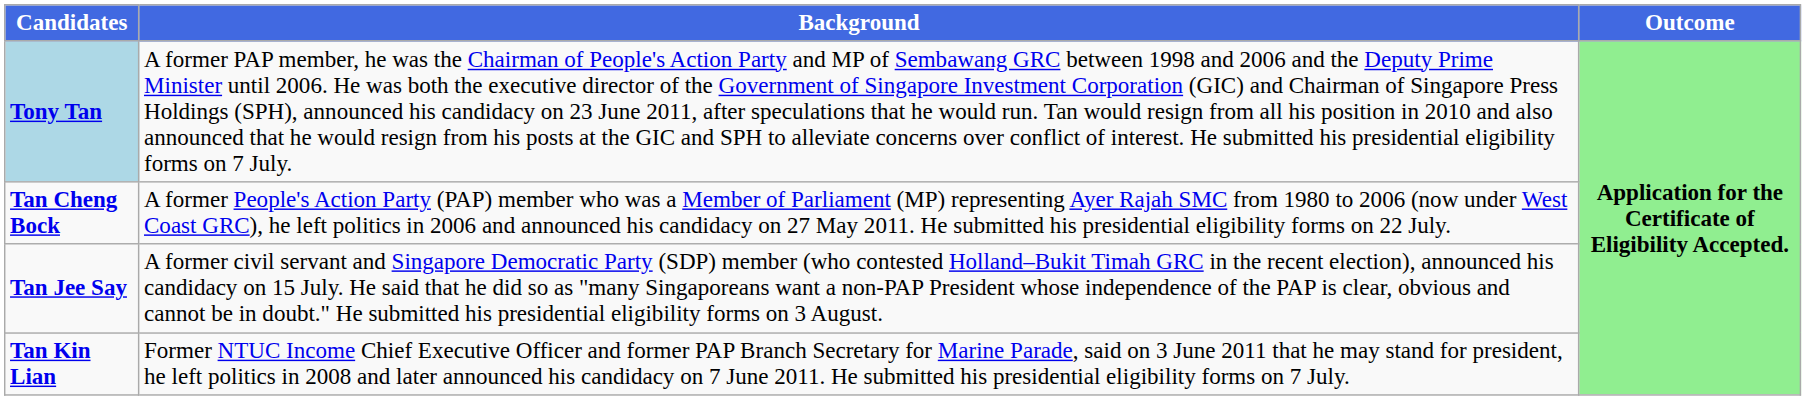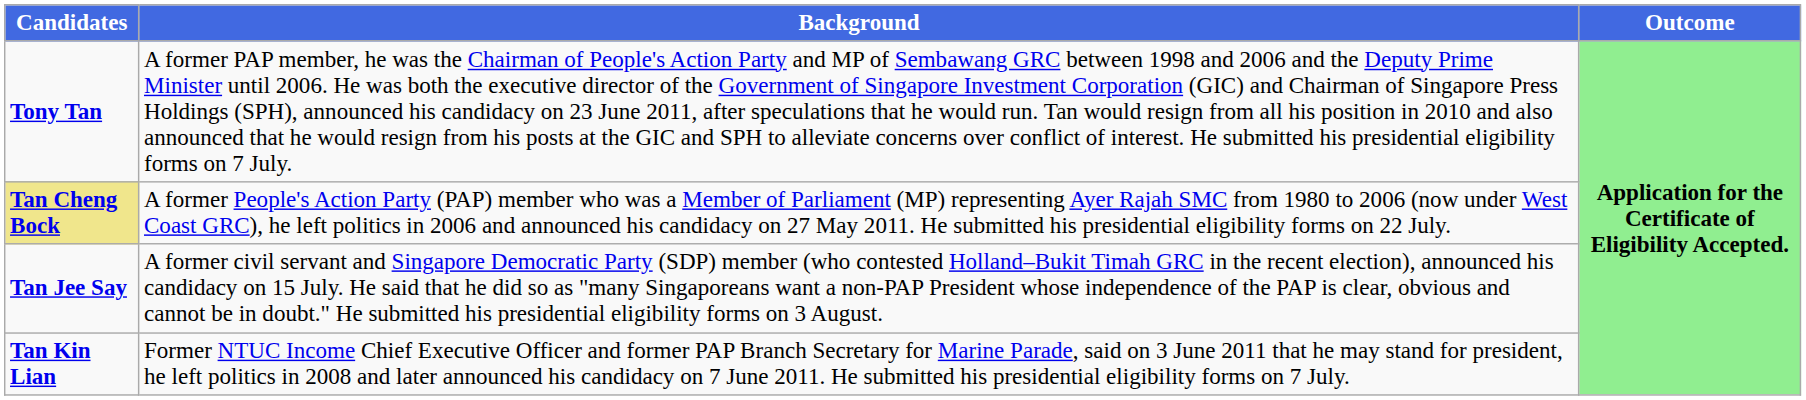 <table class="wikitable">
 <tr>
 <th style="background:RoyalBlue; color: white;">Candidates</th>
 <th style="background:RoyalBlue; color: white;">Background</th>
 <th style="background: RoyalBlue; color: white;">Outcome</th>
 </tr>
 <tr>
-<td style="background: lightblue;"><strong><a href='#'>Tony Tan</a></strong></td>
+<td><strong><a href='#'>Tony Tan</a></strong></td>
 <td>A former PAP member, he was the <a href='#'>Chairman of People's Action Party</a> and MP of <a href='#'>Sembawang GRC</a> between 1998 and 2006 and the <a href='#'>Deputy Prime Minister</a> until 2006. He was both the executive director of the <a href='#'>Government of Singapore Investment Corporation</a> (GIC) and Chairman of Singapore Press Holdings (SPH), announced his candidacy on 23 June 2011, after speculations that he would run. Tan would resign from all his position in 2010 and also announced that he would resign from his posts at the GIC and SPH to alleviate concerns over conflict of interest. He submitted his presidential eligibility forms on 7 July.</td>
 <th rowspan=4 style="background: lightgreen;">Application for the Certificate of Eligibility Accepted.</th>
 </tr>
 <tr>
-<td><strong><a href='#'>Tan Cheng Bock</a></strong></td>
+<td style="background: khaki;"><strong><a href='#'>Tan Cheng Bock</a></strong></td>
 <td>A former <a href='#'>People's Action Party</a> (PAP) member who was a <a href='#'>Member of Parliament</a> (MP) representing <a href='#'>Ayer Rajah SMC</a> from 1980 to 2006 (now under <a href='#'>West Coast GRC</a>), he left politics in 2006 and announced his candidacy on 27 May 2011. He submitted his presidential eligibility forms on 22 July.</td>
 </tr>
 <tr>
 <td><strong><a href='#'>Tan Jee Say</a></strong></td>
 <td>A former civil servant and <a href='#'>Singapore Democratic Party</a> (SDP) member (who contested <a href='#'>Holland–Bukit Timah GRC</a> in the recent election), announced his candidacy on 15 July. He said that he did so as "many Singaporeans want a non-PAP President whose independence of the PAP is clear, obvious and cannot be in doubt." He submitted his presidential eligibility forms on 3 August.</td>
 </tr>
 <tr>
 <td><strong><a href='#'>Tan Kin Lian</a></strong></td>
 <td>Former <a href='#'>NTUC Income</a> Chief Executive Officer and former PAP Branch Secretary for <a href='#'>Marine Parade</a>, said on 3 June 2011 that he may stand for president, he left politics in 2008  and later announced his candidacy on 7 June 2011. He submitted his presidential eligibility forms on 7 July.</td>
 </tr>
 </table>
